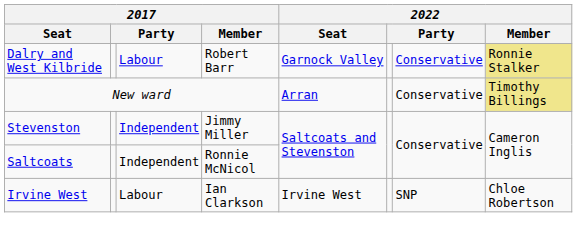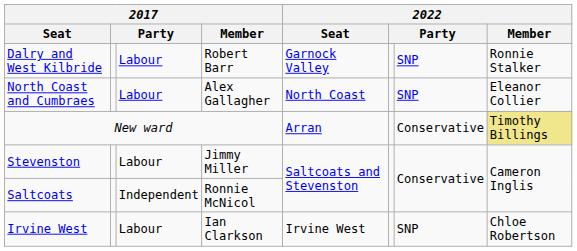 <table class="wikitable">
 <tr>
 <th scope="col" colspan="4" style="text-align:center"><em>2017</em></th>
 <th scope="col" colspan="4" style="text-align:center"><em>2022</em></th>
 </tr>
 <tr>
 <th style="text-align:center">Seat</th>
 <th colspan="2" style="text-align:center">Party</th>
 <th style="text-align:center">Member</th>
 <th style="text-align:center">Seat</th>
 <th colspan="2" style="text-align:center">Party</th>
 <th style="text-align:center">Member</th>
 </tr>
 <tr>
 <td scope="row"><a href='#'>Dalry and West Kilbride</a></td>
 <td></td>
 <td><a href='#'>Labour</a></td>
 <td>Robert Barr</td>
 <td scope="row"><a href='#'>Garnock Valley</a></td>
 <td></td>
-<td><a href='#'>Conservative</a></td>
-<td style="background: khaki;">Ronnie Stalker</td>
+<td><a href='#'>SNP</a></td>
+<td>Ronnie Stalker</td>
+</tr>
+<tr>
+<td scope="row"><a href='#'>North Coast and Cumbraes</a></td>
+<td></td>
+<td><a href='#'>Labour</a></td>
+<td>Alex Gallagher</td>
+<td><a href='#'>North Coast</a></td>
+<td></td>
+<td><a href='#'>SNP</a></td>
+<td>Eleanor Collier</td>
 </tr>
 <tr>
 <td colspan="4" style="text-align:center"><em>New ward</em></td>
 <td><a href='#'>Arran</a></td>
 <td></td>
 <td>Conservative</td>
 <td style="background: khaki;">Timothy Billings</td>
 </tr>
 <tr>
 <td><a href='#'>Stevenston</a></td>
 <td></td>
-<td><a href='#'>Independent</a></td>
+<td>Labour</td>
 <td>Jimmy Miller</td>
 <td scope="row" rowspan="2"><a href='#'>Saltcoats and Stevenston</a></td>
 <td rowspan="2"></td>
 <td rowspan="2">Conservative</td>
 <td rowspan="2">Cameron Inglis</td>
 </tr>
 <tr>
 <td scope="row"><a href='#'>Saltcoats</a></td>
 <td></td>
 <td>Independent</td>
 <td>Ronnie McNicol</td>
 </tr>
 <tr>
 <td scope="row"><a href='#'>Irvine West</a></td>
 <td></td>
 <td>Labour</td>
 <td>Ian Clarkson</td>
 <td>Irvine West</td>
 <td></td>
 <td>SNP</td>
 <td>Chloe Robertson</td>
 </tr>
 </table>
